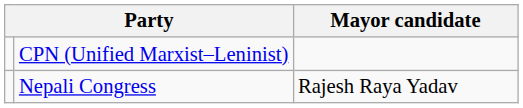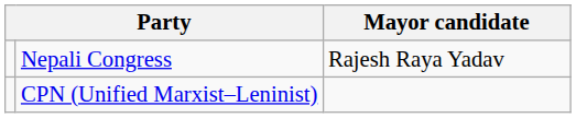 <table class="wikitable">
 <tr>
 <th colspan="2">Party</th>
 <th style="width: 125pt;">Mayor candidate</th>
 </tr>
 <tr>
 <td style="background-color:"></td>
+<td><a href='#'>Nepali Congress</a></td>
+<td>Rajesh Raya Yadav</td>
+</tr>
+<tr>
+<td style="background-color:"></td>
 <td><a href='#'>CPN (Unified Marxist–Leninist)</a></td>
 <td></td>
 </tr>
-<tr>
-<td style="background-color:"></td>
-<td><a href='#'>Nepali Congress</a></td>
-<td>Rajesh Raya Yadav</td>
-</tr>
 </table>
